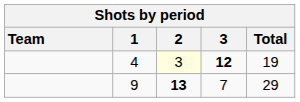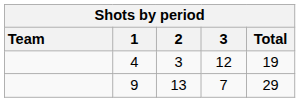 <table class="wikitable" style="width:20em;">
 <tr>
 <th colspan="6">Shots by period</th>
 </tr>
 <tr>
 <th style="width:8em; text-align:left;">Team</th>
 <th style="width:3em;">1</th>
 <th style="width:3em;">2</th>
 <th style="width:3em;">3</th>
 <th style="width:3em;">Total</th>
 </tr>
 <tr style="text-align:center;">
 <td style="text-align:left;"></td>
 <td>4</td>
-<td style="background: lightyellow;">3</td>
-<td><strong>12</strong></td>
+<td>3</td>
+<td>12</td>
 <td>19</td>
 </tr>
 <tr style="text-align:center;">
 <td style="text-align:left;"></td>
 <td>9</td>
-<td><strong>13</strong></td>
+<td>13</td>
 <td>7</td>
 <td>29</td>
 </tr>
 </table>
